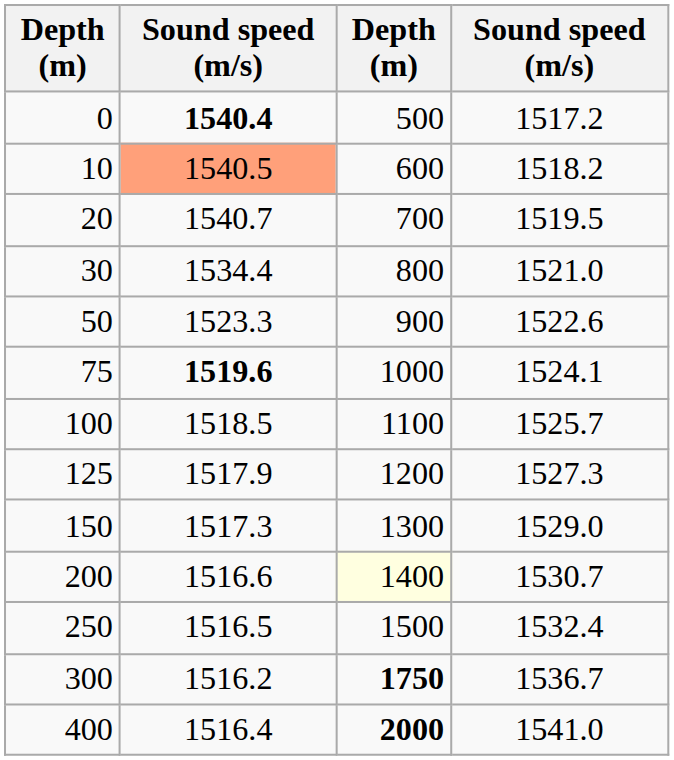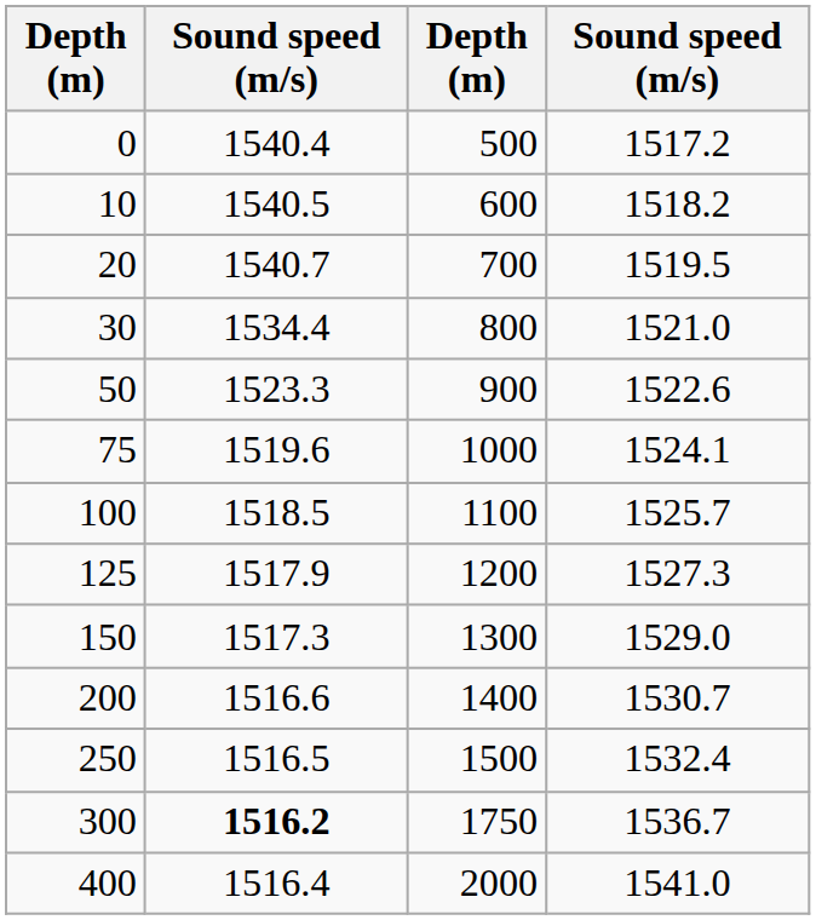 <table class="wikitable" align="center">
 <tr>
 <th width="50">Depth (m)</th>
 <th width="100">Sound speed (m/s)</th>
 <th width="50">Depth (m)</th>
 <th width="100">Sound speed (m/s)</th>
 </tr>
 <tr>
 <td align="right">0</td>
-<td align="center"><strong>1540.4</strong></td>
+<td align="center">1540.4</td>
 <td align="right">500</td>
 <td align="center">1517.2</td>
 </tr>
 <tr>
 <td align="right">10</td>
-<td align="center" style="background: lightsalmon;">1540.5</td>
+<td align="center">1540.5</td>
 <td align="right">600</td>
 <td align="center">1518.2</td>
 </tr>
 <tr>
 <td align="right">20</td>
 <td align="center">1540.7</td>
 <td align="right">700</td>
 <td align="center">1519.5</td>
 </tr>
 <tr>
 <td align="right">30</td>
 <td align="center">1534.4</td>
 <td align="right">800</td>
 <td align="center">1521.0</td>
 </tr>
 <tr>
 <td align="right">50</td>
 <td align="center">1523.3</td>
 <td align="right">900</td>
 <td align="center">1522.6</td>
 </tr>
 <tr>
 <td align="right">75</td>
-<td align="center"><strong>1519.6</strong></td>
+<td align="center">1519.6</td>
 <td align="right">1000</td>
 <td align="center">1524.1</td>
 </tr>
 <tr>
 <td align="right">100</td>
 <td align="center">1518.5</td>
 <td align="right">1100</td>
 <td align="center">1525.7</td>
 </tr>
 <tr>
 <td align="right">125</td>
 <td align="center">1517.9</td>
 <td align="right">1200</td>
 <td align="center">1527.3</td>
 </tr>
 <tr>
 <td align="right">150</td>
 <td align="center">1517.3</td>
 <td align="right">1300</td>
 <td align="center">1529.0</td>
 </tr>
 <tr>
 <td align="right">200</td>
 <td align="center">1516.6</td>
-<td align="right" style="background: lightyellow;">1400</td>
+<td align="right">1400</td>
 <td align="center">1530.7</td>
 </tr>
 <tr>
 <td align="right">250</td>
 <td align="center">1516.5</td>
 <td align="right">1500</td>
 <td align="center">1532.4</td>
 </tr>
 <tr>
 <td align="right">300</td>
-<td align="center">1516.2</td>
-<td align="right"><strong>1750</strong></td>
+<td align="center"><strong>1516.2</strong></td>
+<td align="right">1750</td>
 <td align="center">1536.7</td>
 </tr>
 <tr>
 <td align="right">400</td>
 <td align="center">1516.4</td>
-<td align="right"><strong>2000</strong></td>
+<td align="right">2000</td>
 <td align="center">1541.0</td>
 </tr>
 </table>
